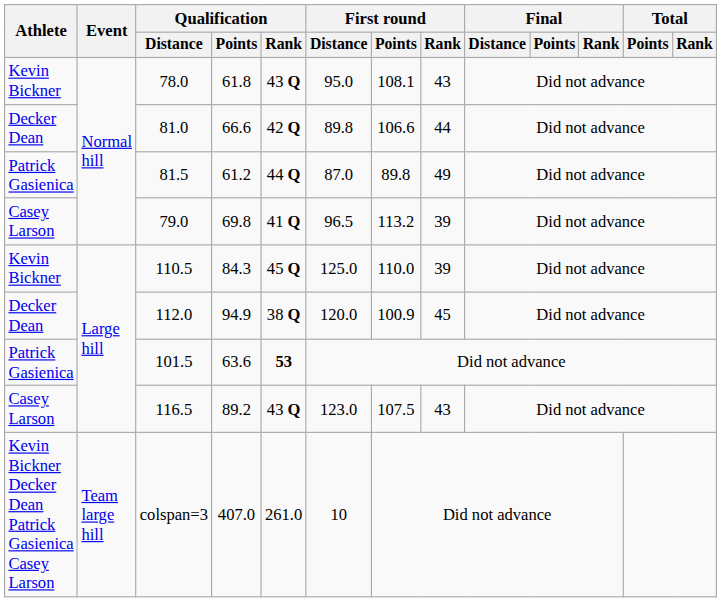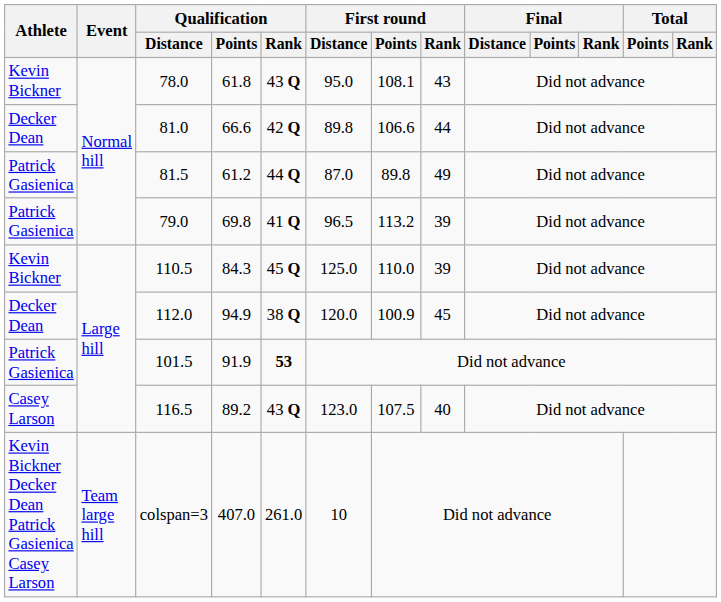 <table class=wikitable style=font-size:90%;text-align:center>
 <tr>
 <th rowspan=2>Athlete</th>
 <th rowspan=2>Event</th>
 <th colspan=3>Qualification</th>
 <th colspan=3>First round</th>
 <th colspan=3>Final</th>
 <th colspan=2>Total</th>
 </tr>
 <tr style=font-size:95%>
 <th>Distance</th>
 <th>Points</th>
 <th>Rank</th>
 <th>Distance</th>
 <th>Points</th>
 <th>Rank</th>
 <th>Distance</th>
 <th>Points</th>
 <th>Rank</th>
 <th>Points</th>
 <th>Rank</th>
 </tr>
 <tr>
 <td align=left><a href='#'>Kevin Bickner</a></td>
 <td align=left rowspan=4><a href='#'>Normal hill</a></td>
 <td>78.0</td>
 <td>61.8</td>
 <td>43 <strong>Q</strong></td>
 <td>95.0</td>
 <td>108.1</td>
 <td>43</td>
 <td colspan=5>Did not advance</td>
 </tr>
 <tr>
 <td align=left><a href='#'>Decker Dean</a></td>
 <td>81.0</td>
 <td>66.6</td>
 <td>42 <strong>Q</strong></td>
 <td>89.8</td>
 <td>106.6</td>
 <td>44</td>
 <td colspan=5>Did not advance</td>
 </tr>
 <tr>
 <td align=left><a href='#'>Patrick Gasienica</a></td>
 <td>81.5</td>
 <td>61.2</td>
 <td>44 <strong>Q</strong></td>
 <td>87.0</td>
 <td>89.8</td>
 <td>49</td>
 <td colspan=5>Did not advance</td>
 </tr>
 <tr>
-<td align=left><a href='#'>Casey Larson</a></td>
+<td align=left><a href='#'>Patrick Gasienica</a></td>
 <td>79.0</td>
 <td>69.8</td>
 <td>41 <strong>Q</strong></td>
 <td>96.5</td>
 <td>113.2</td>
 <td>39</td>
 <td colspan=5>Did not advance</td>
 </tr>
 <tr>
 <td align=left><a href='#'>Kevin Bickner</a></td>
 <td align=left rowspan=4><a href='#'>Large hill</a></td>
 <td>110.5</td>
 <td>84.3</td>
 <td>45 <strong>Q</strong></td>
 <td>125.0</td>
 <td>110.0</td>
 <td>39</td>
 <td colspan=5>Did not advance</td>
 </tr>
 <tr>
 <td align=left><a href='#'>Decker Dean</a></td>
 <td>112.0</td>
 <td>94.9</td>
 <td>38 <strong>Q</strong></td>
 <td>120.0</td>
 <td>100.9</td>
 <td>45</td>
 <td colspan=5>Did not advance</td>
 </tr>
 <tr>
 <td align=left><a href='#'>Patrick Gasienica</a></td>
 <td>101.5</td>
-<td>63.6</td>
+<td>91.9</td>
 <td><strong>53</strong></td>
 <td colspan=8>Did not advance</td>
 </tr>
 <tr>
 <td align=left><a href='#'>Casey Larson</a></td>
 <td>116.5</td>
 <td>89.2</td>
 <td>43 <strong>Q</strong></td>
 <td>123.0</td>
 <td>107.5</td>
-<td>43</td>
+<td>40</td>
 <td colspan=5>Did not advance</td>
 </tr>
 <tr>
 <td align=left><a href='#'>Kevin Bickner</a><br><a href='#'>Decker Dean</a><br><a href='#'>Patrick Gasienica</a><br><a href='#'>Casey Larson</a></td>
 <td align=left><a href='#'>Team large hill</a></td>
 <td>colspan=3 </td>
 <td>407.0</td>
 <td>261.0</td>
 <td>10</td>
 <td colspan=5>Did not advance</td>
 </tr>
 </table>
